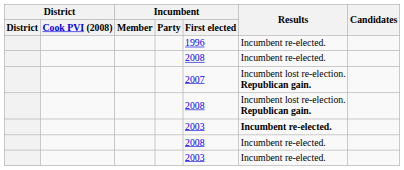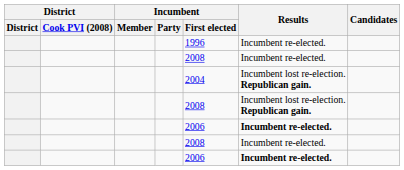 <table class="wikitable sortable">
 <tr>
 <th colspan=2>District</th>
 <th colspan=3>Incumbent</th>
 <th rowspan=2>Results</th>
 <th rowspan=2>Candidates</th>
 </tr>
 <tr valign=bottom>
 <th>District</th>
 <th><a href='#'>Cook PVI</a> (2008)</th>
 <th>Member</th>
 <th>Party</th>
 <th>First elected</th>
 </tr>
 <tr>
 <th></th>
 <td></td>
 <td></td>
 <td></td>
 <td><a href='#'>1996</a></td>
 <td>Incumbent re-elected.</td>
 <td nowrap></td>
 </tr>
 <tr>
 <th></th>
 <td></td>
 <td></td>
 <td></td>
 <td><a href='#'>2008</a></td>
 <td>Incumbent re-elected.</td>
 <td nowrap></td>
 </tr>
 <tr>
 <th></th>
 <td></td>
 <td></td>
 <td></td>
-<td><a href='#'>2007</a></td>
+<td><a href='#'>2004</a></td>
 <td>Incumbent lost re-election.<br><strong>Republican gain.</strong></td>
 <td nowrap></td>
 </tr>
 <tr>
 <th></th>
 <td></td>
 <td></td>
 <td></td>
 <td><a href='#'>2008</a></td>
 <td>Incumbent lost re-election.<br><strong>Republican gain.</strong></td>
 <td nowrap></td>
 </tr>
 <tr>
 <th></th>
 <td></td>
 <td></td>
 <td></td>
-<td><a href='#'>2003</a></td>
+<td><a href='#'>2006</a></td>
 <td><strong>Incumbent re-elected.</strong></td>
 <td nowrap></td>
 </tr>
 <tr>
 <th></th>
 <td></td>
 <td></td>
 <td></td>
 <td><a href='#'>2008</a></td>
 <td>Incumbent re-elected.</td>
 <td nowrap></td>
 </tr>
 <tr>
 <th></th>
 <td></td>
 <td></td>
 <td></td>
-<td><a href='#'>2003</a></td>
-<td>Incumbent re-elected.</td>
+<td><a href='#'>2006</a></td>
+<td><strong>Incumbent re-elected.</strong></td>
 <td nowrap></td>
 </tr>
 </table>
